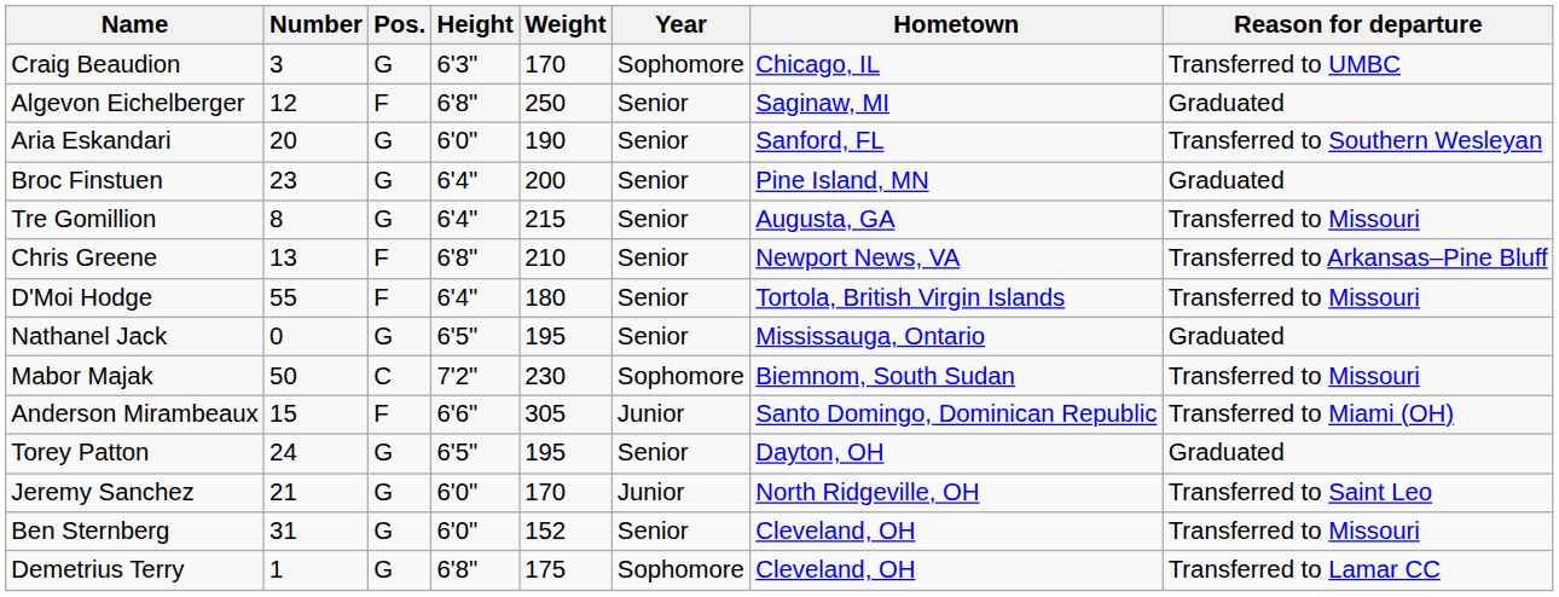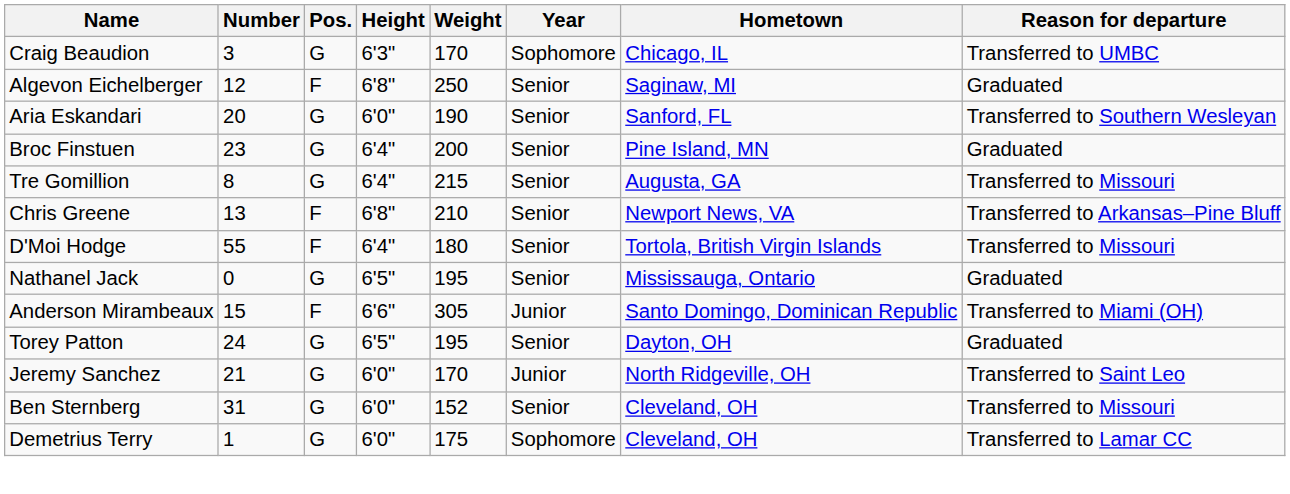 <table class="wikitable sortable" border="1">
 <tr>
 <th>Name</th>
 <th>Number</th>
 <th>Pos.</th>
 <th>Height</th>
 <th>Weight</th>
 <th>Year</th>
 <th>Hometown</th>
 <th>Reason for departure</th>
 </tr>
 <tr>
 <td>Craig Beaudion</td>
 <td>3</td>
 <td>G</td>
 <td>6'3"</td>
 <td>170</td>
 <td>Sophomore</td>
 <td><a href='#'>Chicago, IL</a></td>
 <td>Transferred to <a href='#'>UMBC</a></td>
 </tr>
 <tr>
 <td>Algevon Eichelberger</td>
 <td>12</td>
 <td>F</td>
 <td>6'8"</td>
 <td>250</td>
 <td>Senior</td>
 <td><a href='#'>Saginaw, MI</a></td>
 <td>Graduated</td>
 </tr>
 <tr>
 <td>Aria Eskandari</td>
 <td>20</td>
 <td>G</td>
 <td>6'0"</td>
 <td>190</td>
 <td>Senior</td>
 <td><a href='#'>Sanford, FL</a></td>
 <td>Transferred to <a href='#'>Southern Wesleyan</a></td>
 </tr>
 <tr>
 <td>Broc Finstuen</td>
 <td>23</td>
 <td>G</td>
 <td>6'4"</td>
 <td>200</td>
 <td>Senior</td>
 <td><a href='#'>Pine Island, MN</a></td>
 <td>Graduated</td>
 </tr>
 <tr>
 <td>Tre Gomillion</td>
 <td>8</td>
 <td>G</td>
 <td>6'4"</td>
 <td>215</td>
 <td>Senior</td>
 <td><a href='#'>Augusta, GA</a></td>
 <td>Transferred to <a href='#'>Missouri</a></td>
 </tr>
 <tr>
 <td>Chris Greene</td>
 <td>13</td>
 <td>F</td>
 <td>6'8"</td>
 <td>210</td>
 <td>Senior</td>
 <td><a href='#'>Newport News, VA</a></td>
 <td>Transferred to <a href='#'>Arkansas–Pine Bluff</a></td>
 </tr>
 <tr>
 <td>D'Moi Hodge</td>
 <td>55</td>
 <td>F</td>
 <td>6'4"</td>
 <td>180</td>
 <td>Senior</td>
 <td><a href='#'>Tortola, British Virgin Islands</a></td>
 <td>Transferred to <a href='#'>Missouri</a></td>
 </tr>
 <tr>
 <td>Nathanel Jack</td>
 <td>0</td>
 <td>G</td>
 <td>6'5"</td>
 <td>195</td>
 <td>Senior</td>
 <td><a href='#'>Mississauga, Ontario</a></td>
 <td>Graduated</td>
 </tr>
 <tr>
-<td>Mabor Majak</td>
-<td>50</td>
-<td>C</td>
-<td>7'2"</td>
-<td>230</td>
-<td>Sophomore</td>
-<td><a href='#'>Biemnom, South Sudan</a></td>
-<td>Transferred to <a href='#'>Missouri</a></td>
-</tr>
-<tr>
 <td>Anderson Mirambeaux</td>
 <td>15</td>
 <td>F</td>
 <td>6'6"</td>
 <td>305</td>
 <td>Junior</td>
 <td><a href='#'>Santo Domingo, Dominican Republic</a></td>
 <td>Transferred to <a href='#'>Miami (OH)</a></td>
 </tr>
 <tr>
 <td>Torey Patton</td>
 <td>24</td>
 <td>G</td>
 <td>6'5"</td>
 <td>195</td>
 <td>Senior</td>
 <td><a href='#'>Dayton, OH</a></td>
 <td>Graduated</td>
 </tr>
 <tr>
 <td>Jeremy Sanchez</td>
 <td>21</td>
 <td>G</td>
 <td>6'0"</td>
 <td>170</td>
 <td>Junior</td>
 <td><a href='#'>North Ridgeville, OH</a></td>
 <td>Transferred to <a href='#'>Saint Leo</a></td>
 </tr>
 <tr>
 <td>Ben Sternberg</td>
 <td>31</td>
 <td>G</td>
 <td>6'0"</td>
 <td>152</td>
 <td>Senior</td>
 <td><a href='#'>Cleveland, OH</a></td>
 <td>Transferred to <a href='#'>Missouri</a></td>
 </tr>
 <tr>
 <td>Demetrius Terry</td>
 <td>1</td>
 <td>G</td>
-<td>6'8"</td>
+<td>6'0"</td>
 <td>175</td>
 <td>Sophomore</td>
 <td><a href='#'>Cleveland, OH</a></td>
 <td>Transferred to <a href='#'>Lamar CC</a></td>
 </tr>
 </table>
